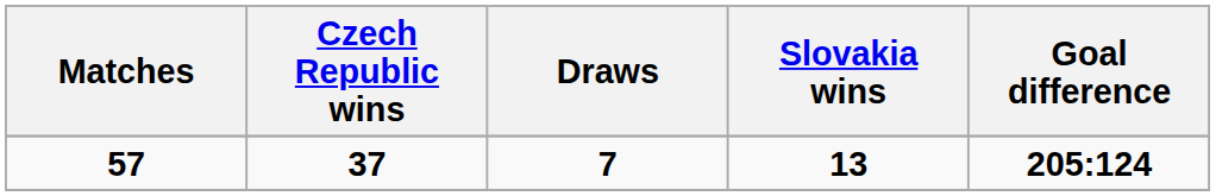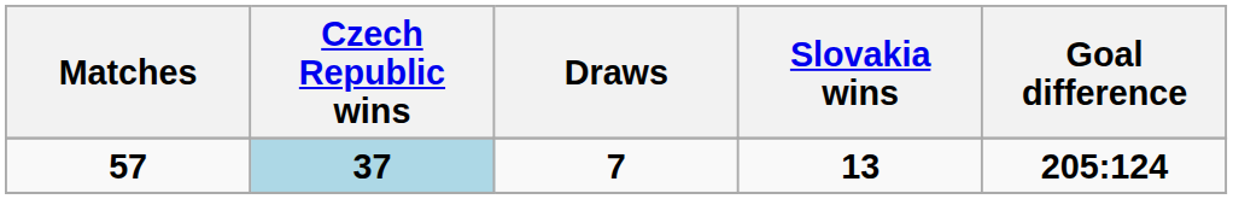 <table class="wikitable" style="text-align:center;font-size:95%">
 <tr>
 <th width="100">Matches</th>
 <th width="100"><a href='#'>Czech Republic</a><br>wins</th>
 <th width="100">Draws</th>
 <th width="100"><a href='#'>Slovakia</a><br>wins</th>
 <th width="100">Goal<br>difference</th>
 </tr>
 <tr>
 </tr>
 <tr>
 <td><strong>57</strong></td>
-<td><strong>37</strong></td>
+<td style="background: lightblue;"><strong>37</strong></td>
 <td><strong>7</strong></td>
 <td><strong>13</strong></td>
 <td><strong>205:124</strong></td>
 </tr>
 <tr>
 </tr>
 </table>
